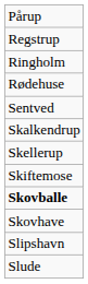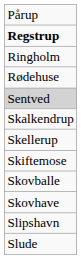 <table class="wikitable" style="float:left; margin-right:1em">
 <tr>
 <td>Pårup</td>
 </tr>
 <tr>
-<td>Regstrup</td>
+<td><strong>Regstrup</strong></td>
 </tr>
 <tr>
 <td>Ringholm</td>
 </tr>
 <tr>
 <td>Rødehuse</td>
 </tr>
 <tr>
-<td>Sentved</td>
+<td style="background: lightgrey;">Sentved</td>
 </tr>
 <tr>
 <td>Skalkendrup</td>
 </tr>
 <tr>
 <td>Skellerup</td>
 </tr>
 <tr>
 <td>Skiftemose</td>
 </tr>
 <tr>
-<td><strong>Skovballe</strong></td>
+<td>Skovballe</td>
 </tr>
 <tr>
 <td>Skovhave</td>
 </tr>
 <tr>
 <td>Slipshavn</td>
 </tr>
 <tr>
 <td>Slude</td>
 </tr>
 </table>
